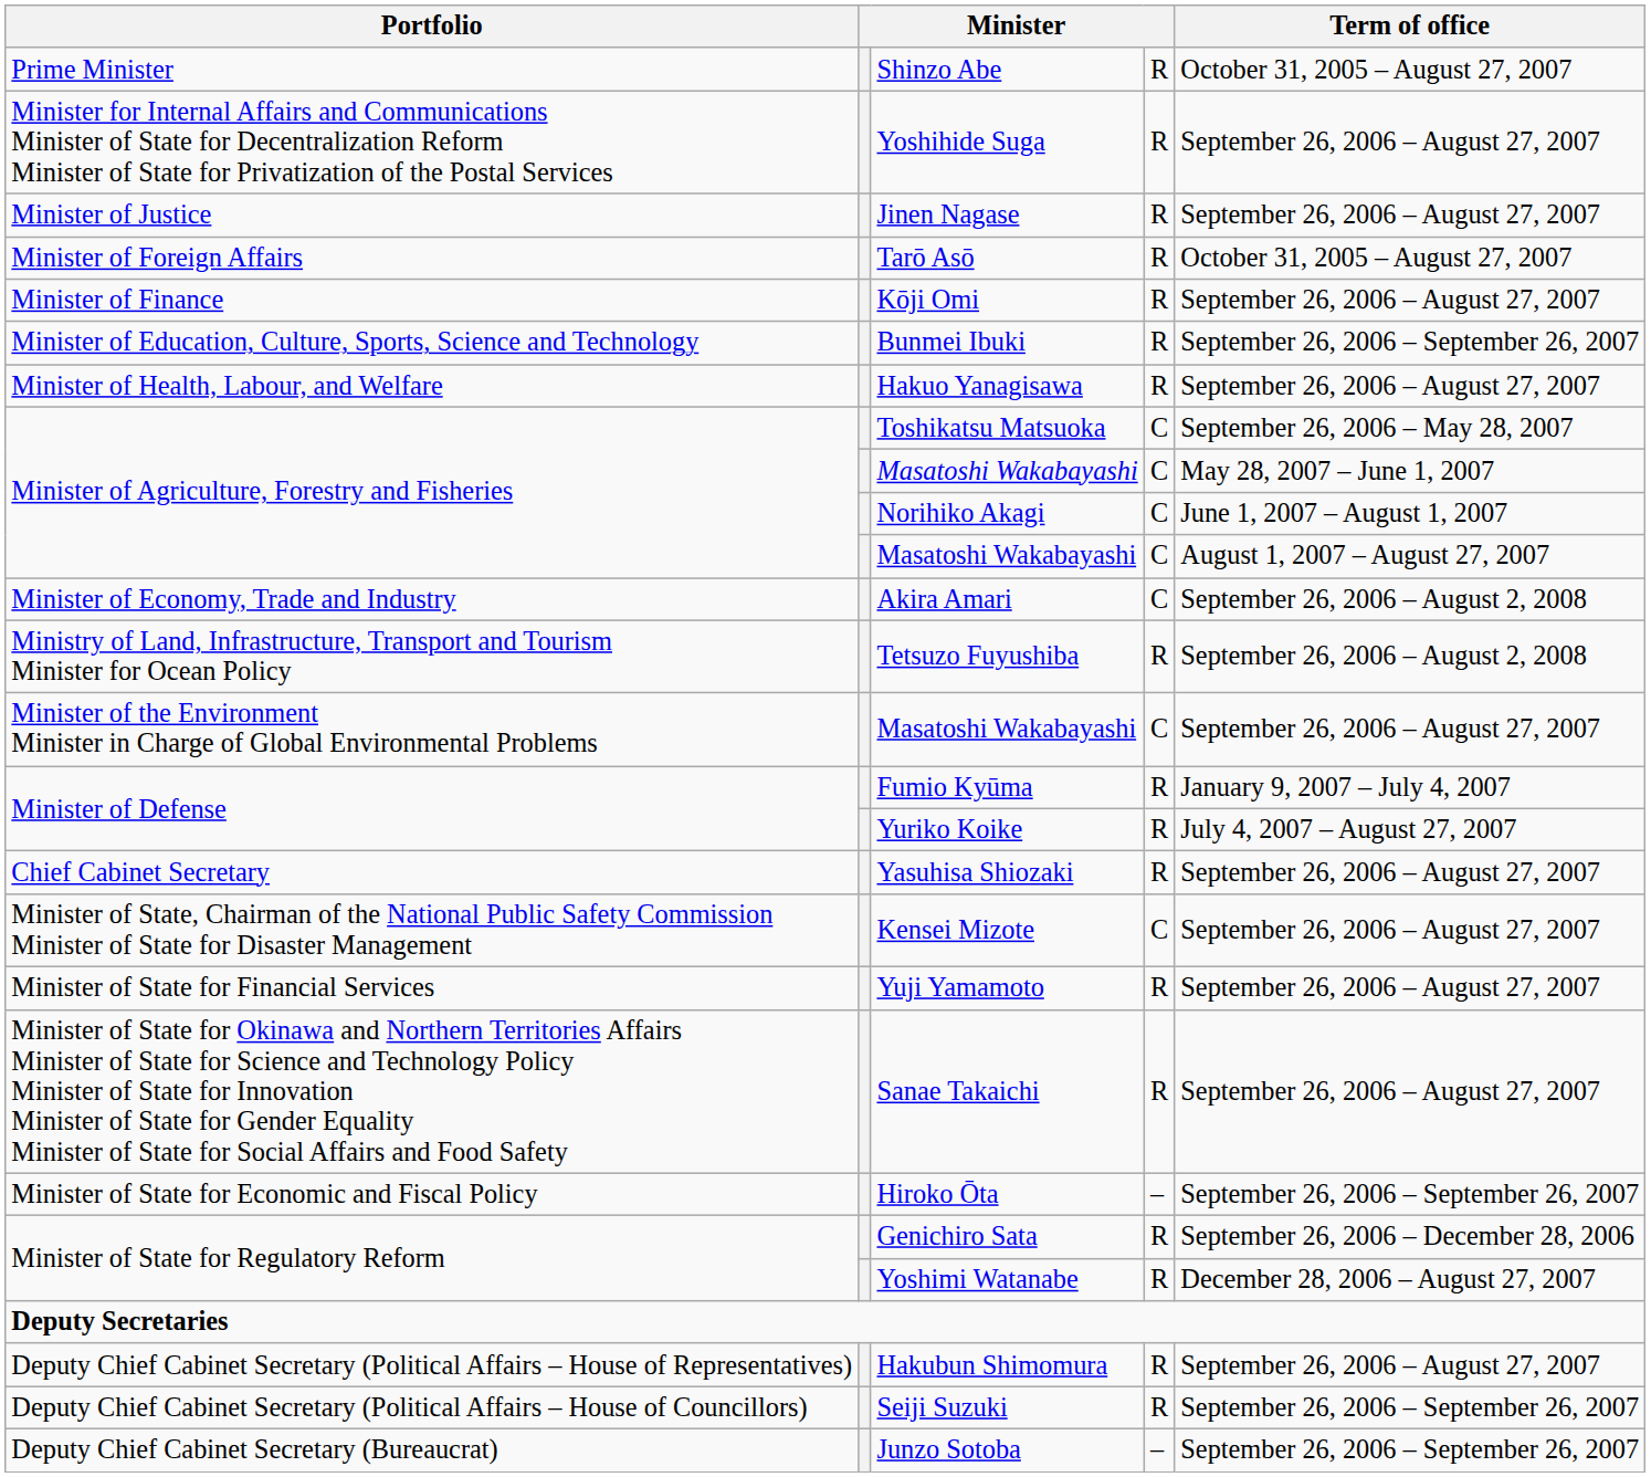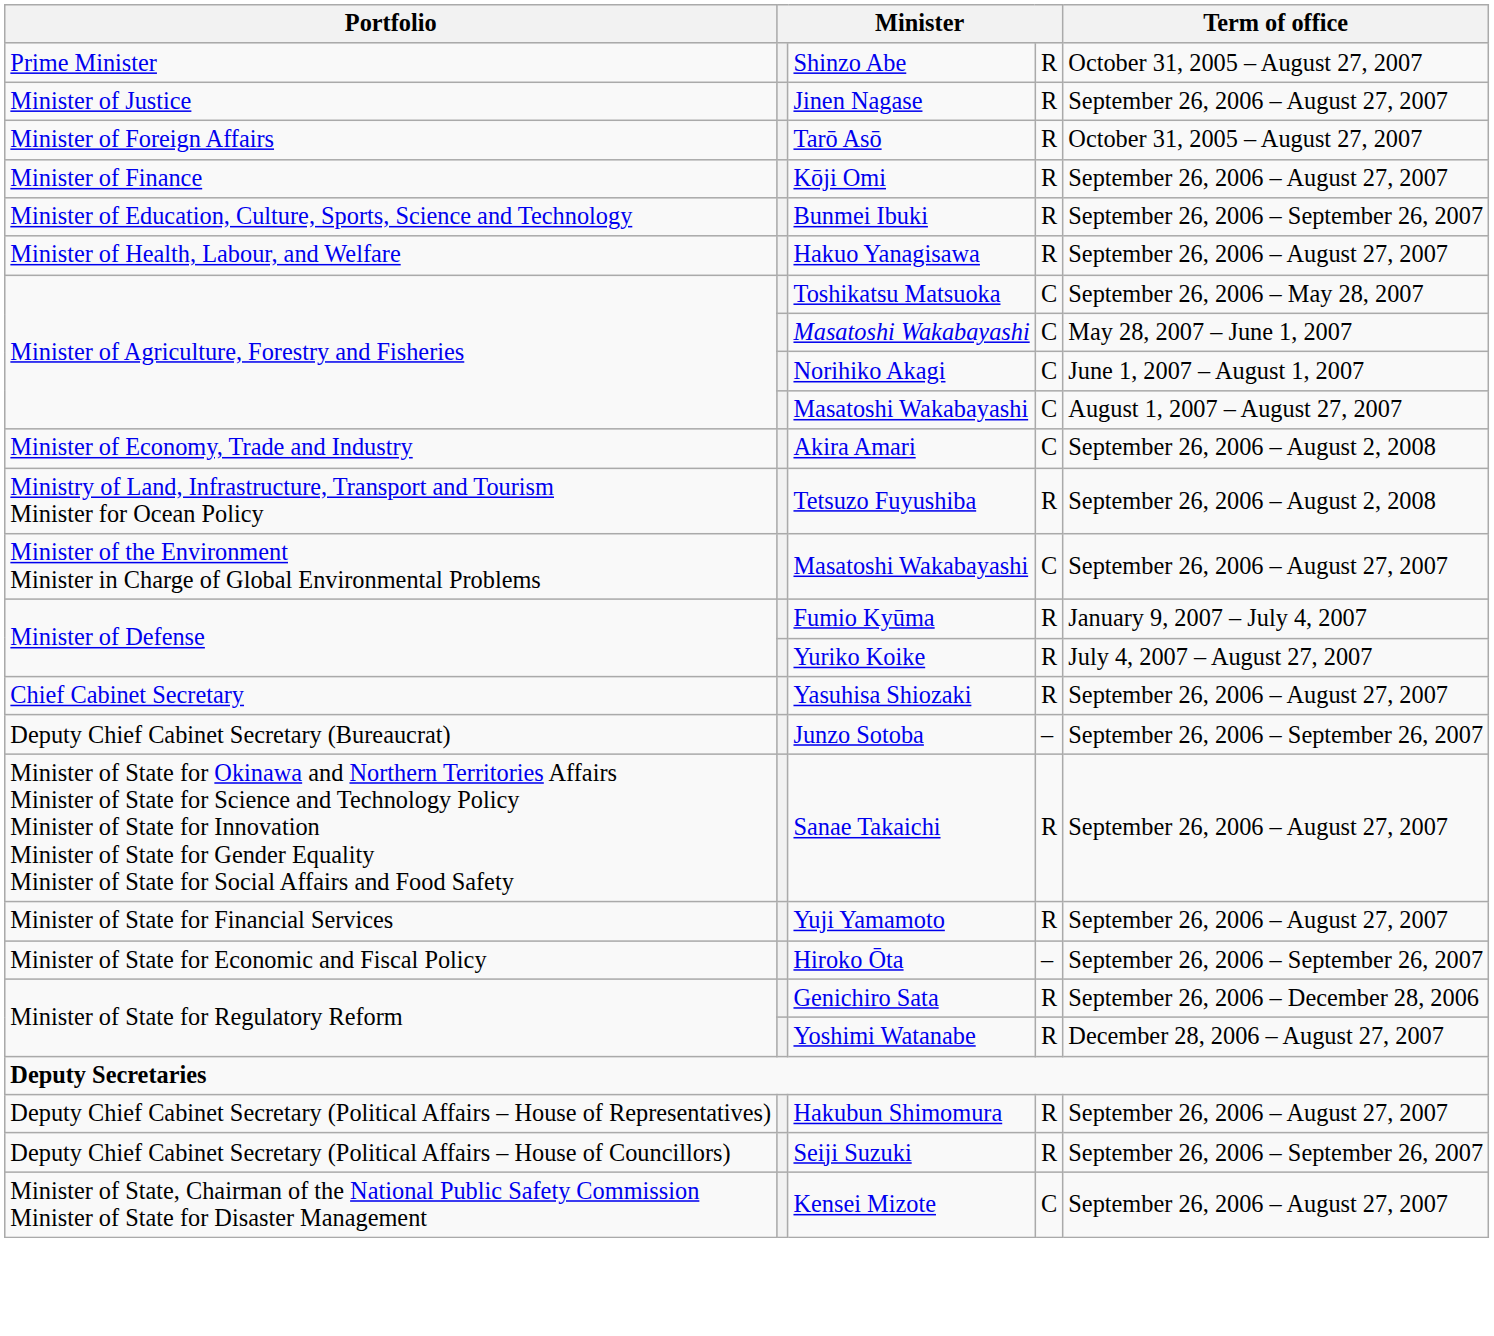 <table class="wikitable">
 <tr>
 <th>Portfolio</th>
 <th colspan="3">Minister</th>
 <th>Term of office</th>
 </tr>
 <tr>
 <td><a href='#'>Prime Minister</a></td>
 <th style="color:inherit;background-color: "></th>
 <td><a href='#'>Shinzo Abe</a></td>
 <td>R</td>
 <td>October 31, 2005 – August 27, 2007</td>
-</tr>
-<tr>
-<td><a href='#'>Minister for Internal Affairs and Communications</a> <br>Minister of State for Decentralization Reform <br>Minister of State for Privatization of the Postal Services</td>
-<th style="color:inherit;background-color: "></th>
-<td><a href='#'>Yoshihide Suga</a></td>
-<td>R</td>
-<td>September 26, 2006 – August 27, 2007</td>
 </tr>
 <tr>
 <td><a href='#'>Minister of Justice</a></td>
 <th style="color:inherit;background-color: "></th>
 <td><a href='#'>Jinen Nagase</a></td>
 <td>R</td>
 <td>September 26, 2006 – August 27, 2007</td>
 </tr>
 <tr>
 <td><a href='#'>Minister of Foreign Affairs</a></td>
 <th style="color:inherit;background-color: "></th>
 <td><a href='#'>Tarō Asō</a></td>
 <td>R</td>
 <td>October 31, 2005 – August 27, 2007</td>
 </tr>
 <tr>
 <td><a href='#'>Minister of Finance</a></td>
 <th style="color:inherit;background-color: "></th>
 <td><a href='#'>Kōji Omi</a></td>
 <td>R</td>
 <td>September 26, 2006 – August 27, 2007</td>
 </tr>
 <tr>
 <td><a href='#'>Minister of Education, Culture, Sports, Science and Technology</a></td>
 <th style="color:inherit;background-color: "></th>
 <td><a href='#'>Bunmei Ibuki</a></td>
 <td>R</td>
 <td>September 26, 2006 – September 26, 2007</td>
 </tr>
 <tr>
 <td><a href='#'>Minister of Health, Labour, and Welfare</a></td>
 <th style="color:inherit;background-color: "></th>
 <td><a href='#'>Hakuo Yanagisawa</a></td>
 <td>R</td>
 <td>September 26, 2006 – August 27, 2007</td>
 </tr>
 <tr>
 <td rowspan="4"><a href='#'>Minister of Agriculture, Forestry and Fisheries</a></td>
 <th style="color:inherit;background-color: "></th>
 <td><a href='#'>Toshikatsu Matsuoka</a></td>
 <td>C</td>
 <td>September 26, 2006 – May 28, 2007</td>
 </tr>
 <tr>
 <th style="color:inherit;background-color: "></th>
 <td><em><a href='#'>Masatoshi Wakabayashi</a></em></td>
 <td>C</td>
 <td>May 28, 2007 – June 1, 2007</td>
 </tr>
 <tr>
 <th style="color:inherit;background-color: "></th>
 <td><a href='#'>Norihiko Akagi</a></td>
 <td>C</td>
 <td>June 1, 2007 – August 1, 2007</td>
 </tr>
 <tr>
 <th style="color:inherit;background-color: "></th>
 <td><a href='#'>Masatoshi Wakabayashi</a></td>
 <td>C</td>
 <td>August 1, 2007 – August 27, 2007</td>
 </tr>
 <tr>
 <td><a href='#'>Minister of Economy, Trade and Industry</a></td>
 <th style="color:inherit;background-color: "></th>
 <td><a href='#'>Akira Amari</a></td>
 <td>C</td>
 <td>September 26, 2006 – August 2, 2008</td>
 </tr>
 <tr>
 <td><a href='#'>Ministry of Land, Infrastructure, Transport and Tourism</a> <br>Minister for Ocean Policy</td>
 <th style="color:inherit;background-color: "></th>
 <td><a href='#'>Tetsuzo Fuyushiba</a></td>
 <td>R</td>
 <td>September 26, 2006 – August 2, 2008</td>
 </tr>
 <tr>
 <td><a href='#'>Minister of the Environment</a> <br>Minister in Charge of Global Environmental Problems</td>
 <th style="color:inherit;background-color: "></th>
 <td><a href='#'>Masatoshi Wakabayashi</a></td>
 <td>C</td>
 <td>September 26, 2006 – August 27, 2007</td>
 </tr>
 <tr>
 <td rowspan="2"><a href='#'>Minister of Defense</a></td>
 <th style="color:inherit;background-color: "></th>
 <td><a href='#'>Fumio Kyūma</a></td>
 <td>R</td>
 <td>January 9, 2007 – July 4, 2007</td>
 </tr>
 <tr>
 <th style="color:inherit;background-color: "></th>
 <td><a href='#'>Yuriko Koike</a></td>
 <td>R</td>
 <td>July 4, 2007 – August 27, 2007</td>
 </tr>
 <tr>
 <td><a href='#'>Chief Cabinet Secretary</a></td>
 <th style="color:inherit;background-color: "></th>
 <td><a href='#'>Yasuhisa Shiozaki</a></td>
 <td>R</td>
 <td>September 26, 2006 – August 27, 2007</td>
 </tr>
 <tr>
-<td>Minister of State, Chairman of the <a href='#'>National Public Safety Commission</a> <br>Minister of State for Disaster Management</td>
+<td>Deputy Chief Cabinet Secretary (Bureaucrat)</td>
 <th style="color:inherit;background-color: "></th>
-<td><a href='#'>Kensei Mizote</a></td>
-<td>C</td>
+<td><a href='#'>Junzo Sotoba</a></td>
+<td>–</td>
+<td>September 26, 2006 – September 26, 2007</td>
+</tr>
+<tr>
+<td>Minister of State for <a href='#'>Okinawa</a> and <a href='#'>Northern Territories</a> Affairs <br>Minister of State for Science and Technology Policy <br>Minister of State for Innovation <br>Minister of State for Gender Equality <br>Minister of State for Social Affairs and Food Safety</td>
+<th style="color:inherit;background-color: "></th>
+<td><a href='#'>Sanae Takaichi</a></td>
+<td>R</td>
 <td>September 26, 2006 – August 27, 2007</td>
 </tr>
 <tr>
 <td>Minister of State for Financial Services</td>
 <th style="color:inherit;background-color: "></th>
 <td><a href='#'>Yuji Yamamoto</a></td>
-<td>R</td>
-<td>September 26, 2006 – August 27, 2007</td>
-</tr>
-<tr>
-<td>Minister of State for <a href='#'>Okinawa</a> and <a href='#'>Northern Territories</a> Affairs <br>Minister of State for Science and Technology Policy <br>Minister of State for Innovation <br>Minister of State for Gender Equality <br>Minister of State for Social Affairs and Food Safety</td>
-<th style="color:inherit;background-color: "></th>
-<td><a href='#'>Sanae Takaichi</a></td>
 <td>R</td>
 <td>September 26, 2006 – August 27, 2007</td>
 </tr>
 <tr>
 <td>Minister of State for Economic and Fiscal Policy</td>
 <th style="color:inherit;background-color: "></th>
 <td><a href='#'>Hiroko Ōta</a></td>
 <td>–</td>
 <td>September 26, 2006 – September 26, 2007</td>
 </tr>
 <tr>
 <td rowspan="2">Minister of State for Regulatory Reform</td>
 <th style="color:inherit;background-color: "></th>
 <td><a href='#'>Genichiro Sata</a></td>
 <td>R</td>
 <td>September 26, 2006 – December 28, 2006</td>
 </tr>
 <tr>
 <th style="color:inherit;background-color: "></th>
 <td><a href='#'>Yoshimi Watanabe</a></td>
 <td>R</td>
 <td>December 28, 2006 – August 27, 2007</td>
 </tr>
 <tr>
 <td colspan="5"><strong>Deputy Secretaries</strong></td>
 </tr>
 <tr>
 <td>Deputy Chief Cabinet Secretary (Political Affairs – House of Representatives)</td>
 <th style="color:inherit;background-color: "></th>
 <td><a href='#'>Hakubun Shimomura</a></td>
 <td>R</td>
 <td>September 26, 2006 – August 27, 2007</td>
 </tr>
 <tr>
 <td>Deputy Chief Cabinet Secretary (Political Affairs – House of Councillors)</td>
 <th style="color:inherit;background-color: "></th>
 <td><a href='#'>Seiji Suzuki</a></td>
 <td>R</td>
 <td>September 26, 2006 – September 26, 2007</td>
 </tr>
 <tr>
-<td>Deputy Chief Cabinet Secretary (Bureaucrat)</td>
+<td>Minister of State, Chairman of the <a href='#'>National Public Safety Commission</a> <br>Minister of State for Disaster Management</td>
 <th style="color:inherit;background-color: "></th>
-<td><a href='#'>Junzo Sotoba</a></td>
-<td>–</td>
-<td>September 26, 2006 – September 26, 2007</td>
+<td><a href='#'>Kensei Mizote</a></td>
+<td>C</td>
+<td>September 26, 2006 – August 27, 2007</td>
 </tr>
 </table>
